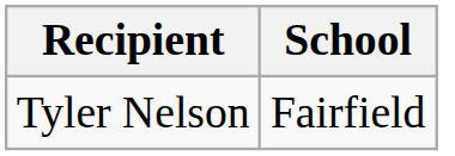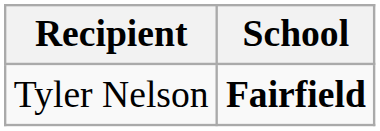 <table class="wikitable" border="1">
 <tr>
 <th>Recipient</th>
 <th>School</th>
 </tr>
 <tr>
 <td>Tyler Nelson</td>
-<td>Fairfield</td>
+<td><strong>Fairfield</strong></td>
 </tr>
 </table>
